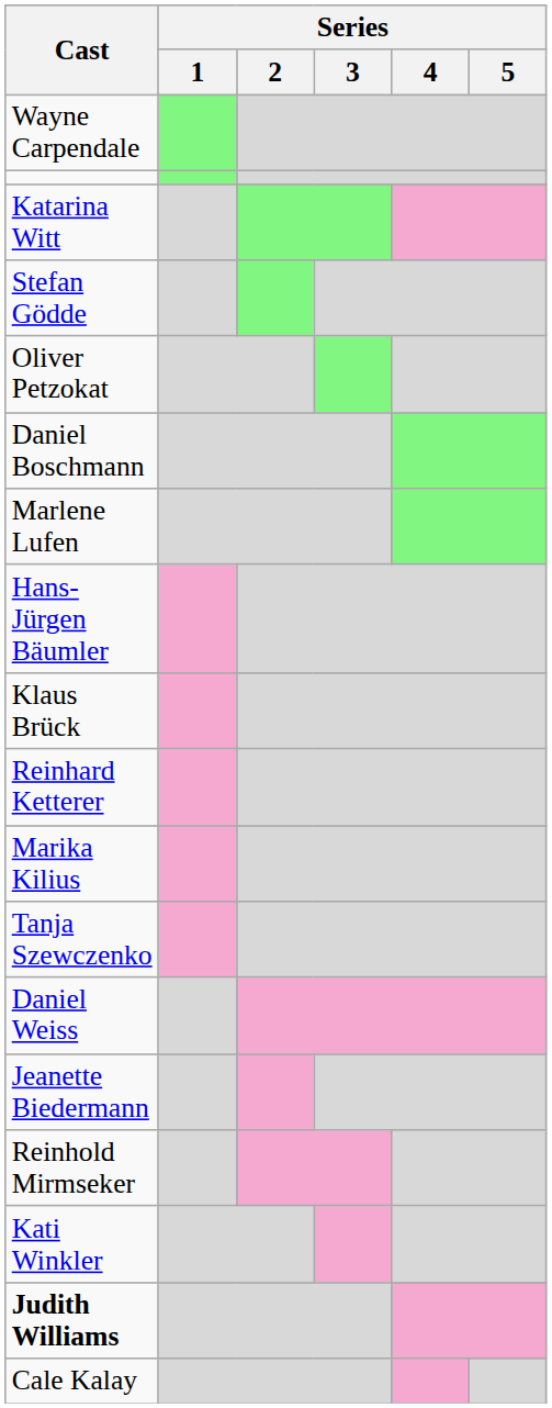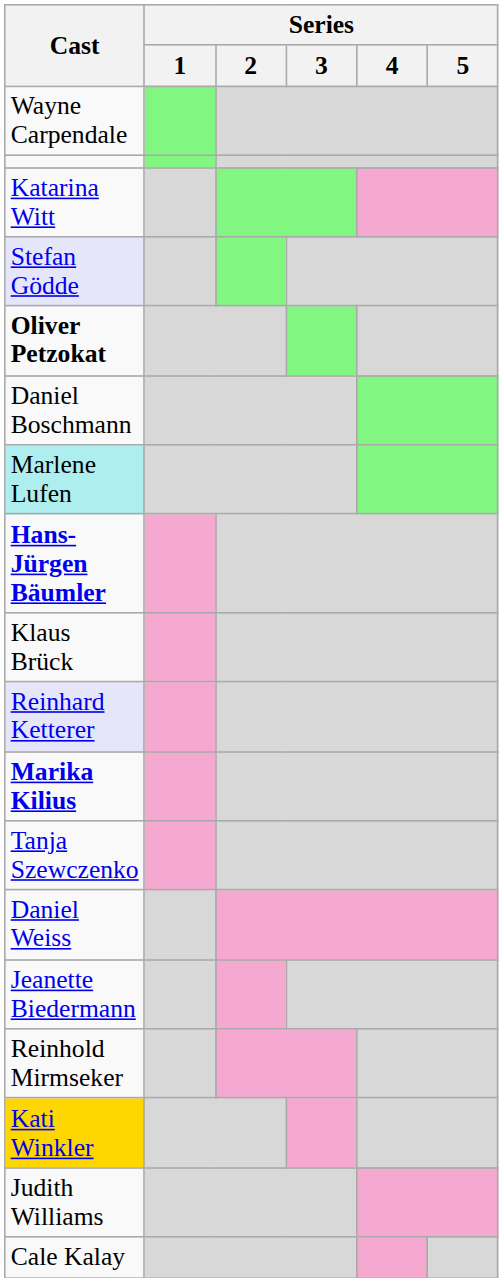 <table class="wikitable plainrowheaders" width="35%">
 <tr>
 <th rowspan="2">Cast</th>
 <th colspan="5" style="text-align:center;">Series</th>
 </tr>
 <tr>
 <th width="40">1</th>
 <th width="40">2</th>
 <th width="40">3</th>
 <th width="40">4</th>
 <th width="40">5</th>
 </tr>
 <tr>
 <td>Wayne Carpendale</td>
 <td style="background:#81F781;"></td>
 <td colspan=4 style="background:#D8D8D8;"></td>
 </tr>
 <tr>
 <td></td>
 <td style="background:#81F781;"></td>
 <td colspan=4 style="background:#D8D8D8;"></td>
 </tr>
 <tr>
 <td><a href='#'>Katarina Witt</a></td>
 <td style="background:#D8D8D8;"></td>
 <td colspan=2 style="background:#81F781;"></td>
 <td colspan=2 style="background:#F5A9D0;"></td>
 </tr>
 <tr>
-<td><a href='#'>Stefan Gödde</a></td>
+<td style="background: lavender;"><a href='#'>Stefan Gödde</a></td>
 <td style="background:#D8D8D8;"></td>
 <td style="background:#81F781;"></td>
 <td colspan=3 style="background:#D8D8D8;"></td>
 </tr>
 <tr>
-<td>Oliver Petzokat</td>
+<td><strong>Oliver Petzokat</strong></td>
 <td colspan=2 style="background:#D8D8D8;"></td>
 <td style="background:#81F781;"></td>
 <td colspan=2 style="background:#D8D8D8;"></td>
 </tr>
 <tr>
 <td>Daniel Boschmann</td>
 <td colspan=3 style="background:#D8D8D8;"></td>
 <td colspan=2 style="background:#81F781;"></td>
 </tr>
 <tr>
-<td>Marlene Lufen</td>
+<td style="background: paleturquoise;">Marlene Lufen</td>
 <td colspan=3 style="background:#D8D8D8;"></td>
 <td colspan=2 style="background:#81F781;"></td>
 </tr>
 <tr>
-<td><a href='#'>Hans-Jürgen Bäumler</a></td>
+<td><strong><a href='#'>Hans-Jürgen Bäumler</a></strong></td>
 <td style="background:#F5A9D0;"></td>
 <td colspan=4 style="background:#D8D8D8;"></td>
 </tr>
 <tr>
 <td>Klaus Brück</td>
 <td style="background:#F5A9D0;"></td>
 <td colspan=4 style="background:#D8D8D8;"></td>
 </tr>
 <tr>
-<td><a href='#'>Reinhard Ketterer</a></td>
+<td style="background: lavender;"><a href='#'>Reinhard Ketterer</a></td>
 <td style="background:#F5A9D0;"></td>
 <td colspan=4 style="background:#D8D8D8;"></td>
 </tr>
 <tr>
-<td><a href='#'>Marika Kilius</a></td>
+<td><strong><a href='#'>Marika Kilius</a></strong></td>
 <td style="background:#F5A9D0;"></td>
 <td colspan=4 style="background:#D8D8D8;"></td>
 </tr>
 <tr>
 <td><a href='#'>Tanja Szewczenko</a></td>
 <td style="background:#F5A9D0;"></td>
 <td colspan=4 style="background:#D8D8D8;"></td>
 </tr>
 <tr>
 <td><a href='#'>Daniel Weiss</a></td>
 <td style="background:#D8D8D8;"></td>
 <td colspan=4 style="background:#F5A9D0;"></td>
 </tr>
 <tr>
 <td><a href='#'>Jeanette Biedermann</a></td>
 <td style="background:#D8D8D8;"></td>
 <td style="background:#F5A9D0;"></td>
 <td colspan=3 style="background:#D8D8D8;"></td>
 </tr>
 <tr>
 <td>Reinhold Mirmseker</td>
 <td style="background:#D8D8D8;"></td>
 <td colspan=2 style="background:#F5A9D0;"></td>
 <td colspan=2 style="background:#D8D8D8;"></td>
 </tr>
 <tr>
-<td><a href='#'>Kati Winkler</a></td>
+<td style="background: gold;"><a href='#'>Kati Winkler</a></td>
 <td colspan=2 style="background:#D8D8D8;"></td>
 <td style="background:#F5A9D0;"></td>
 <td colspan=2 style="background:#D8D8D8;"></td>
 </tr>
 <tr>
-<td><strong>Judith Williams</strong></td>
+<td>Judith Williams</td>
 <td colspan=3 style="background:#D8D8D8;"></td>
 <td colspan=2 style="background:#F5A9D0;"></td>
 </tr>
 <tr>
 <td>Cale Kalay</td>
 <td colspan=3 style="background:#D8D8D8;"></td>
 <td style="background:#F5A9D0;"></td>
 <td style="background:#D8D8D8;"></td>
 </tr>
 <tr>
 </tr>
 </table>
